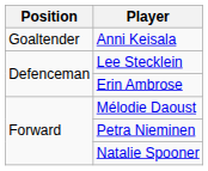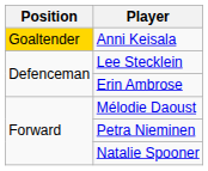 <table class="wikitable">
 <tr>
 <th>Position</th>
 <th>Player</th>
 </tr>
 <tr>
-<td>Goaltender</td>
+<td style="background: gold;">Goaltender</td>
 <td> <a href='#'>Anni Keisala</a></td>
 </tr>
 <tr>
 <td rowspan=2>Defenceman</td>
 <td> <a href='#'>Lee Stecklein</a></td>
 </tr>
 <tr>
 <td> <a href='#'>Erin Ambrose</a></td>
 </tr>
 <tr>
 <td rowspan=3>Forward</td>
 <td> <a href='#'>Mélodie Daoust</a></td>
 </tr>
 <tr>
 <td> <a href='#'>Petra Nieminen</a></td>
 </tr>
 <tr>
 <td> <a href='#'>Natalie Spooner</a></td>
 </tr>
 </table>
